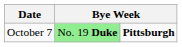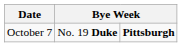 <table class="wikitable" style="font-size:95%;">
 <tr>
 <th>Date</th>
 <th colspan="2">Bye Week</th>
 </tr>
 <tr>
 <td>October 7</td>
-<td style="background: lightgreen;">No. 19 <strong>Duke</strong></td>
+<td>No. 19 <strong>Duke</strong></td>
 <td><strong>Pittsburgh</strong></td>
 </tr>
 </table>
